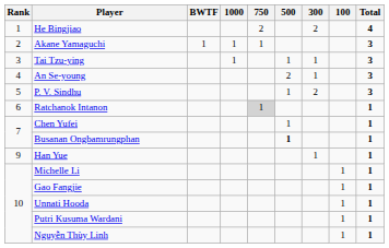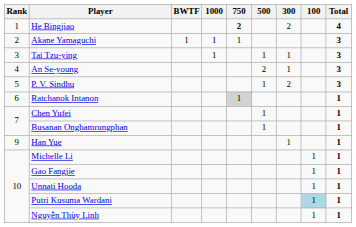 <table class="wikitable" style="font-size:80%; text-align:center">
 <tr>
 <th width="30">Rank</th>
 <th width="200">Player</th>
 <th width="30">BWTF</th>
 <th width="30">1000</th>
 <th width="30">750</th>
 <th width="30">500</th>
 <th width="30">300</th>
 <th width="30">100</th>
 <th width="30">Total</th>
 </tr>
 <tr>
 <td>1</td>
 <td align="left"> <a href='#'>He Bingjiao</a></td>
 <td></td>
 <td></td>
-<td>2</td>
+<td><strong>2</strong></td>
 <td></td>
 <td>2</td>
 <td></td>
 <td><strong>4</strong></td>
 </tr>
 <tr>
 <td>2</td>
 <td align="left"> <a href='#'>Akane Yamaguchi</a></td>
 <td>1</td>
 <td>1</td>
 <td>1</td>
 <td></td>
 <td></td>
 <td></td>
 <td><strong>3</strong></td>
 </tr>
 <tr>
 <td>3</td>
 <td align="left"> <a href='#'>Tai Tzu-ying</a></td>
 <td></td>
 <td>1</td>
 <td></td>
 <td>1</td>
 <td>1</td>
 <td></td>
 <td><strong>3</strong></td>
 </tr>
 <tr>
 <td>4</td>
 <td align="left" nowrap> <a href='#'>An Se-young</a></td>
 <td></td>
 <td></td>
 <td></td>
 <td>2</td>
 <td>1</td>
 <td></td>
 <td><strong>3</strong></td>
 </tr>
 <tr>
 <td>5</td>
 <td align="left"> <a href='#'>P. V. Sindhu</a></td>
 <td></td>
 <td></td>
 <td></td>
 <td>1</td>
 <td>2</td>
 <td></td>
 <td><strong>3</strong></td>
 </tr>
 <tr>
 <td>6</td>
 <td align="left" nowrap> <a href='#'>Ratchanok Intanon</a></td>
 <td></td>
 <td></td>
 <td style="background: lightgrey;">1</td>
 <td></td>
 <td></td>
 <td></td>
 <td><strong>1</strong></td>
 </tr>
 <tr>
 <td rowspan=2>7</td>
 <td align="left" nowrap> <a href='#'>Chen Yufei</a></td>
 <td></td>
 <td></td>
 <td></td>
 <td>1</td>
 <td></td>
 <td></td>
 <td><strong>1</strong></td>
 </tr>
 <tr>
 <td align="left" nowrap> <a href='#'>Busanan Ongbamrungphan</a></td>
 <td></td>
 <td></td>
 <td></td>
-<td><strong>1</strong></td>
+<td>1</td>
 <td></td>
 <td></td>
 <td><strong>1</strong></td>
 </tr>
 <tr>
 <td>9</td>
 <td align="left"> <a href='#'>Han Yue</a></td>
 <td></td>
 <td></td>
 <td></td>
 <td></td>
 <td>1</td>
 <td></td>
 <td><strong>1</strong></td>
 </tr>
 <tr>
 <td rowspan=5>10</td>
 <td align="left"> <a href='#'>Michelle Li</a></td>
 <td></td>
 <td></td>
 <td></td>
 <td></td>
 <td></td>
 <td>1</td>
 <td><strong>1</strong></td>
 </tr>
 <tr>
 <td align="left"> <a href='#'>Gao Fangjie</a></td>
 <td></td>
 <td></td>
 <td></td>
 <td></td>
 <td></td>
 <td>1</td>
 <td><strong>1</strong></td>
 </tr>
 <tr>
 <td align="left"> <a href='#'>Unnati Hooda</a></td>
 <td></td>
 <td></td>
 <td></td>
 <td></td>
 <td></td>
 <td>1</td>
 <td><strong>1</strong></td>
 </tr>
 <tr>
 <td align="left"> <a href='#'>Putri Kusuma Wardani</a></td>
 <td></td>
 <td></td>
 <td></td>
 <td></td>
 <td></td>
-<td>1</td>
+<td style="background: lightblue;">1</td>
 <td><strong>1</strong></td>
 </tr>
 <tr>
 <td align="left"> <a href='#'>Nguyễn Thùy Linh</a></td>
 <td></td>
 <td></td>
 <td></td>
 <td></td>
 <td></td>
 <td>1</td>
 <td><strong>1</strong></td>
 </tr>
 </table>
